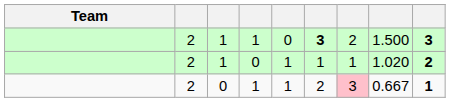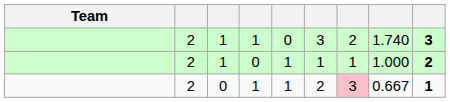 <table class="wikitable" style="text-align: center; font-size:90% ">
 <tr>
 <th width=160>Team</th>
 <th width=25></th>
 <th width=25></th>
 <th width=25></th>
 <th width=25></th>
 <th width=25></th>
 <th width=25></th>
 <th width=35></th>
 <th width=25></th>
 </tr>
 <tr bgcolor=ccffcc>
 <td align=left></td>
 <td>2</td>
 <td>1</td>
 <td>1</td>
 <td>0</td>
-<td><strong>3</strong></td>
+<td>3</td>
 <td>2</td>
-<td>1.500</td>
+<td>1.740</td>
 <td><strong>3</strong></td>
 </tr>
 <tr bgcolor=ccffcc>
 <td align=left></td>
 <td>2</td>
 <td>1</td>
 <td>0</td>
 <td>1</td>
 <td>1</td>
 <td>1</td>
-<td>1.020</td>
+<td>1.000</td>
 <td><strong>2</strong></td>
 </tr>
 <tr>
 <td align=left></td>
 <td>2</td>
 <td>0</td>
 <td>1</td>
 <td>1</td>
 <td>2</td>
 <td style="background: pink;">3</td>
 <td>0.667</td>
 <td><strong>1</strong></td>
 </tr>
 </table>
